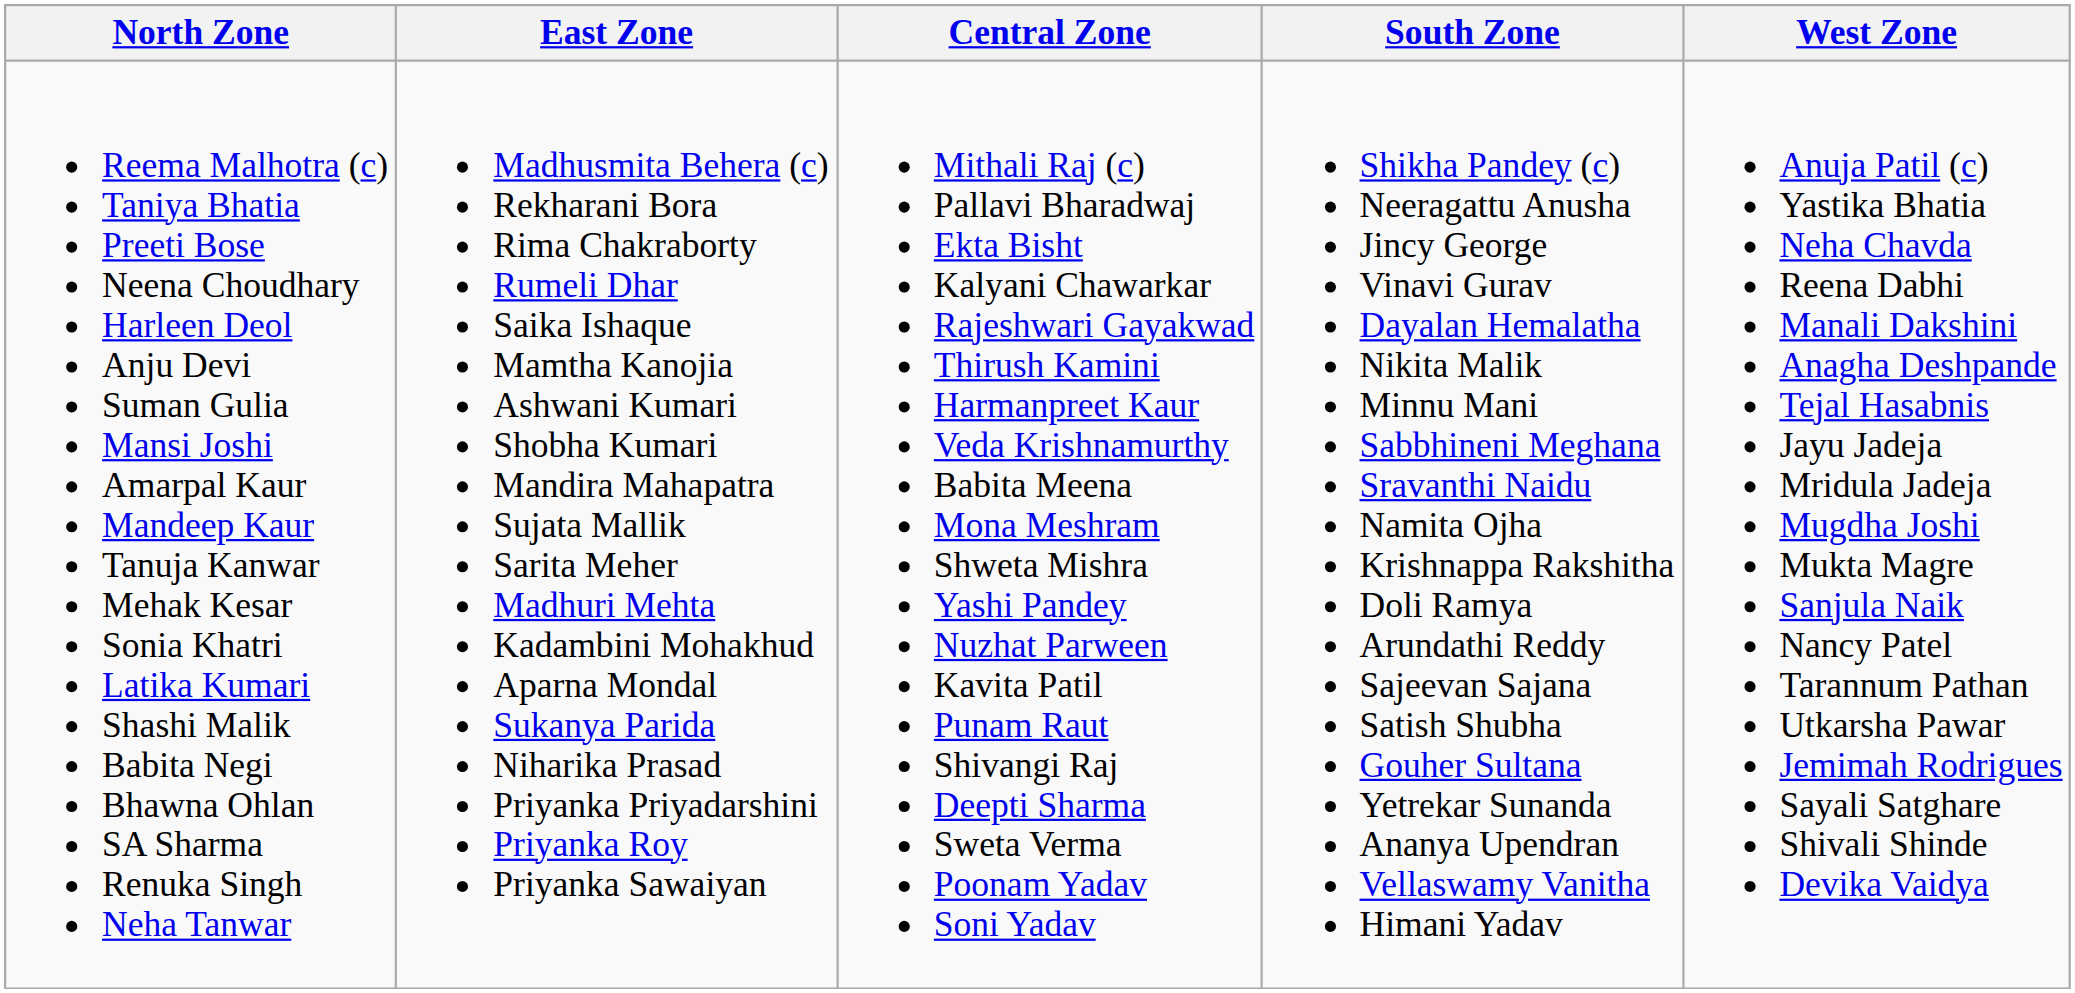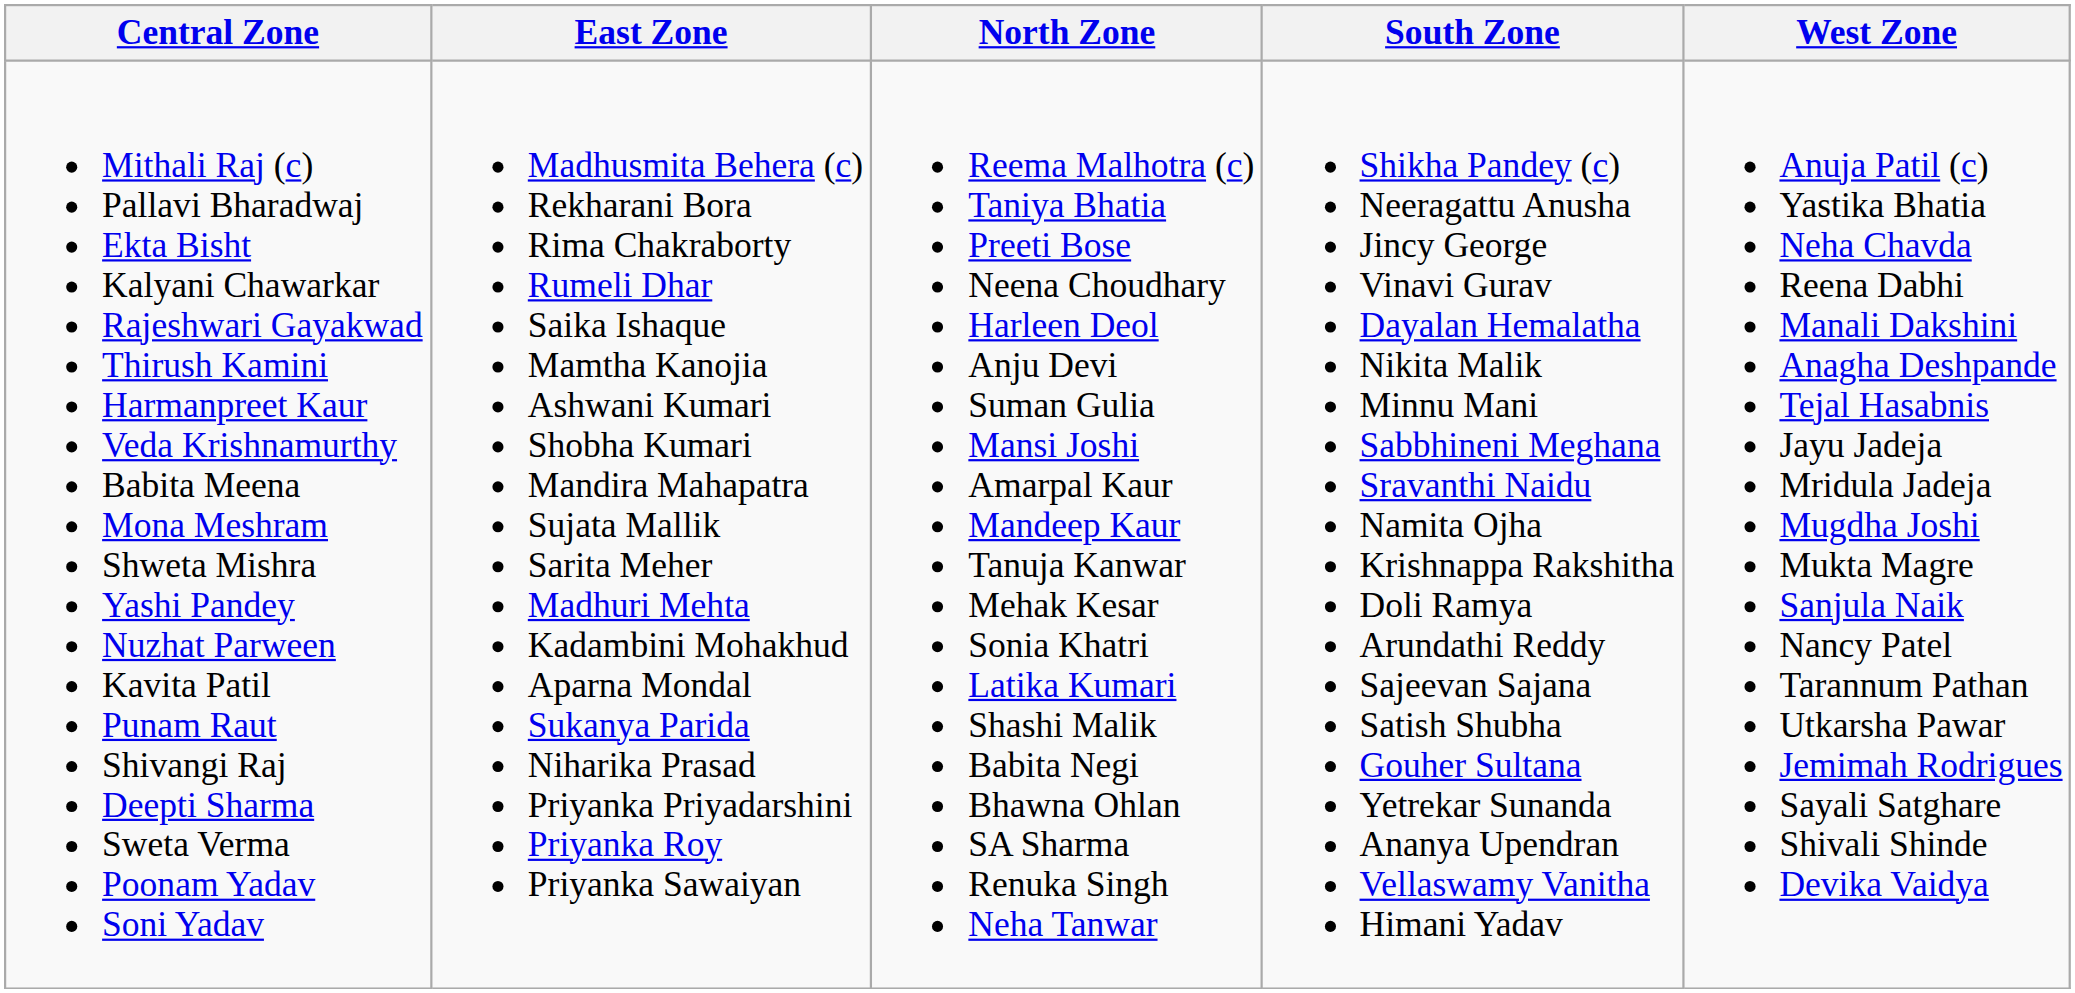 <table class="wikitable">
 <tr>
+<th><a href='#'>Central Zone</a></th>
+<th><a href='#'>East Zone</a></th>
 <th><a href='#'>North Zone</a></th>
-<th><a href='#'>East Zone</a></th>
-<th><a href='#'>Central Zone</a></th>
 <th><a href='#'>South Zone</a></th>
 <th><a href='#'>West Zone</a></th>
 </tr>
 <tr>
+<td valign=top><br><ul><li><a href='#'>Mithali Raj</a> (<a href='#'>c</a>)</li><li>Pallavi Bharadwaj</li><li><a href='#'>Ekta Bisht</a></li><li>Kalyani Chawarkar</li><li><a href='#'>Rajeshwari Gayakwad</a></li><li><a href='#'>Thirush Kamini</a></li><li><a href='#'>Harmanpreet Kaur</a></li><li><a href='#'>Veda Krishnamurthy</a></li><li>Babita Meena</li><li><a href='#'>Mona Meshram</a></li><li>Shweta Mishra</li><li><a href='#'>Yashi Pandey</a></li><li><a href='#'>Nuzhat Parween</a></li><li>Kavita Patil</li><li><a href='#'>Punam Raut</a></li><li>Shivangi Raj</li><li><a href='#'>Deepti Sharma</a></li><li>Sweta Verma</li><li><a href='#'>Poonam Yadav</a></li><li><a href='#'>Soni Yadav</a></li></ul></td>
+<td valign=top><br><ul><li><a href='#'>Madhusmita Behera</a> (<a href='#'>c</a>)</li><li>Rekharani Bora</li><li>Rima Chakraborty</li><li><a href='#'>Rumeli Dhar</a></li><li>Saika Ishaque</li><li>Mamtha Kanojia</li><li>Ashwani Kumari</li><li>Shobha Kumari</li><li>Mandira Mahapatra</li><li>Sujata Mallik</li><li>Sarita Meher</li><li><a href='#'>Madhuri Mehta</a></li><li>Kadambini Mohakhud</li><li>Aparna Mondal</li><li><a href='#'>Sukanya Parida</a></li><li>Niharika Prasad</li><li>Priyanka Priyadarshini</li><li><a href='#'>Priyanka Roy</a></li><li>Priyanka Sawaiyan</li></ul></td>
 <td valign=top><br><ul><li><a href='#'>Reema Malhotra</a> (<a href='#'>c</a>)</li><li><a href='#'>Taniya Bhatia</a></li><li><a href='#'>Preeti Bose</a></li><li>Neena Choudhary</li><li><a href='#'>Harleen Deol</a></li><li>Anju Devi</li><li>Suman Gulia</li><li><a href='#'>Mansi Joshi</a></li><li>Amarpal Kaur</li><li><a href='#'>Mandeep Kaur</a></li><li>Tanuja Kanwar</li><li>Mehak Kesar</li><li>Sonia Khatri</li><li><a href='#'>Latika Kumari</a></li><li>Shashi Malik</li><li>Babita Negi</li><li>Bhawna Ohlan</li><li>SA Sharma</li><li>Renuka Singh</li><li><a href='#'>Neha Tanwar</a></li></ul></td>
-<td valign=top><br><ul><li><a href='#'>Madhusmita Behera</a> (<a href='#'>c</a>)</li><li>Rekharani Bora</li><li>Rima Chakraborty</li><li><a href='#'>Rumeli Dhar</a></li><li>Saika Ishaque</li><li>Mamtha Kanojia</li><li>Ashwani Kumari</li><li>Shobha Kumari</li><li>Mandira Mahapatra</li><li>Sujata Mallik</li><li>Sarita Meher</li><li><a href='#'>Madhuri Mehta</a></li><li>Kadambini Mohakhud</li><li>Aparna Mondal</li><li><a href='#'>Sukanya Parida</a></li><li>Niharika Prasad</li><li>Priyanka Priyadarshini</li><li><a href='#'>Priyanka Roy</a></li><li>Priyanka Sawaiyan</li></ul></td>
-<td valign=top><br><ul><li><a href='#'>Mithali Raj</a> (<a href='#'>c</a>)</li><li>Pallavi Bharadwaj</li><li><a href='#'>Ekta Bisht</a></li><li>Kalyani Chawarkar</li><li><a href='#'>Rajeshwari Gayakwad</a></li><li><a href='#'>Thirush Kamini</a></li><li><a href='#'>Harmanpreet Kaur</a></li><li><a href='#'>Veda Krishnamurthy</a></li><li>Babita Meena</li><li><a href='#'>Mona Meshram</a></li><li>Shweta Mishra</li><li><a href='#'>Yashi Pandey</a></li><li><a href='#'>Nuzhat Parween</a></li><li>Kavita Patil</li><li><a href='#'>Punam Raut</a></li><li>Shivangi Raj</li><li><a href='#'>Deepti Sharma</a></li><li>Sweta Verma</li><li><a href='#'>Poonam Yadav</a></li><li><a href='#'>Soni Yadav</a></li></ul></td>
 <td valign=top><br><ul><li><a href='#'>Shikha Pandey</a> (<a href='#'>c</a>)</li><li>Neeragattu Anusha</li><li>Jincy George</li><li>Vinavi Gurav</li><li><a href='#'>Dayalan Hemalatha</a></li><li>Nikita Malik</li><li>Minnu Mani</li><li><a href='#'>Sabbhineni Meghana</a></li><li><a href='#'>Sravanthi Naidu</a></li><li>Namita Ojha</li><li>Krishnappa Rakshitha</li><li>Doli Ramya</li><li>Arundathi Reddy</li><li>Sajeevan Sajana</li><li>Satish Shubha</li><li><a href='#'>Gouher Sultana</a></li><li>Yetrekar Sunanda</li><li>Ananya Upendran</li><li><a href='#'>Vellaswamy Vanitha</a></li><li>Himani Yadav</li></ul></td>
 <td valign=top><br><ul><li><a href='#'>Anuja Patil</a> (<a href='#'>c</a>)</li><li>Yastika Bhatia</li><li><a href='#'>Neha Chavda</a></li><li>Reena Dabhi</li><li><a href='#'>Manali Dakshini</a></li><li><a href='#'>Anagha Deshpande</a></li><li><a href='#'>Tejal Hasabnis</a></li><li>Jayu Jadeja</li><li>Mridula Jadeja</li><li><a href='#'>Mugdha Joshi</a></li><li>Mukta Magre</li><li><a href='#'>Sanjula Naik</a></li><li>Nancy Patel</li><li>Tarannum Pathan</li><li>Utkarsha Pawar</li><li><a href='#'>Jemimah Rodrigues</a></li><li>Sayali Satghare</li><li>Shivali Shinde</li><li><a href='#'>Devika Vaidya</a></li></ul></td>
 </tr>
 </table>
